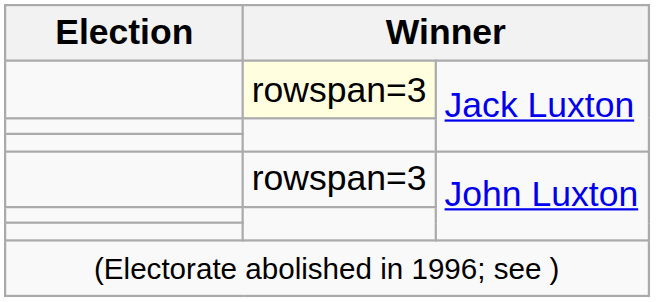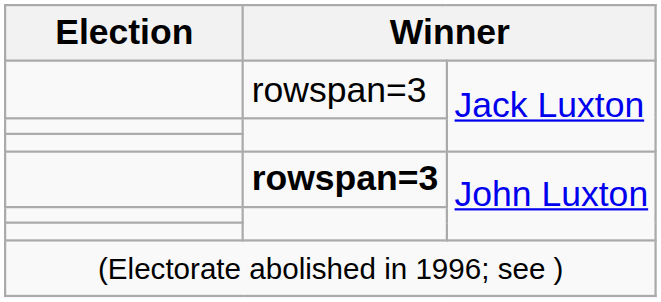 <table class=wikitable>
 <tr>
 <th width=100>Election</th>
 <th width=175 colspan=2>Winner</th>
 </tr>
 <tr>
 <td></td>
-<td style="background: lightyellow;">rowspan=3 </td>
+<td>rowspan=3 </td>
 <td rowspan=3><a href='#'>Jack Luxton</a></td>
 </tr>
 <tr>
 <td></td>
 </tr>
 <tr>
 <td></td>
 </tr>
 <tr>
 <td></td>
-<td>rowspan=3 </td>
+<td><strong>rowspan=3 </strong></td>
 <td rowspan=3><a href='#'>John Luxton</a></td>
 </tr>
 <tr>
 <td></td>
 </tr>
 <tr>
 <td></td>
 </tr>
 <tr>
 <td colspan=3 align=center><small>(Electorate abolished in 1996; see )</small></td>
 </tr>
 </table>
